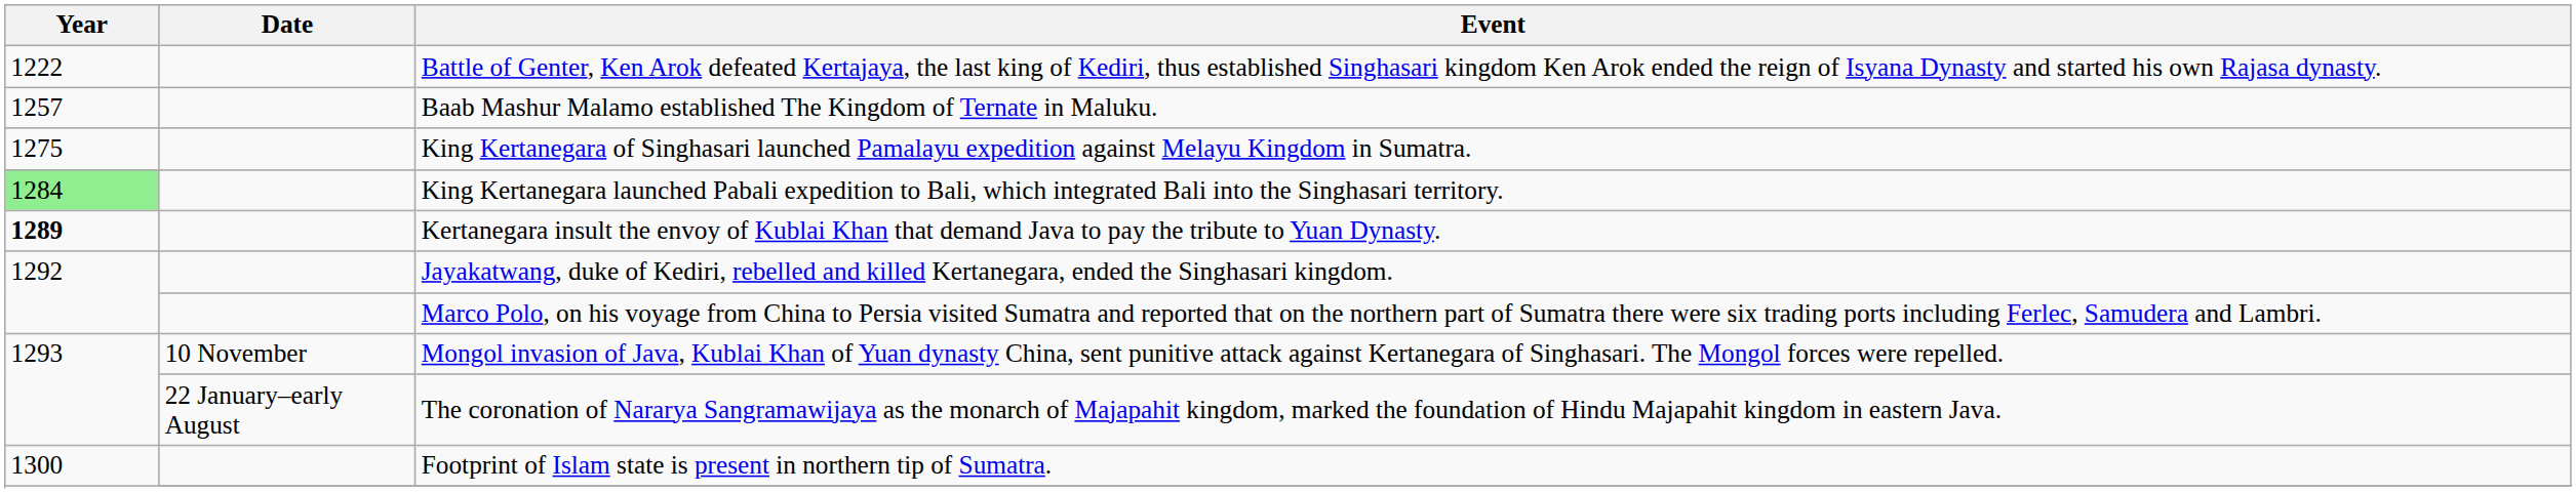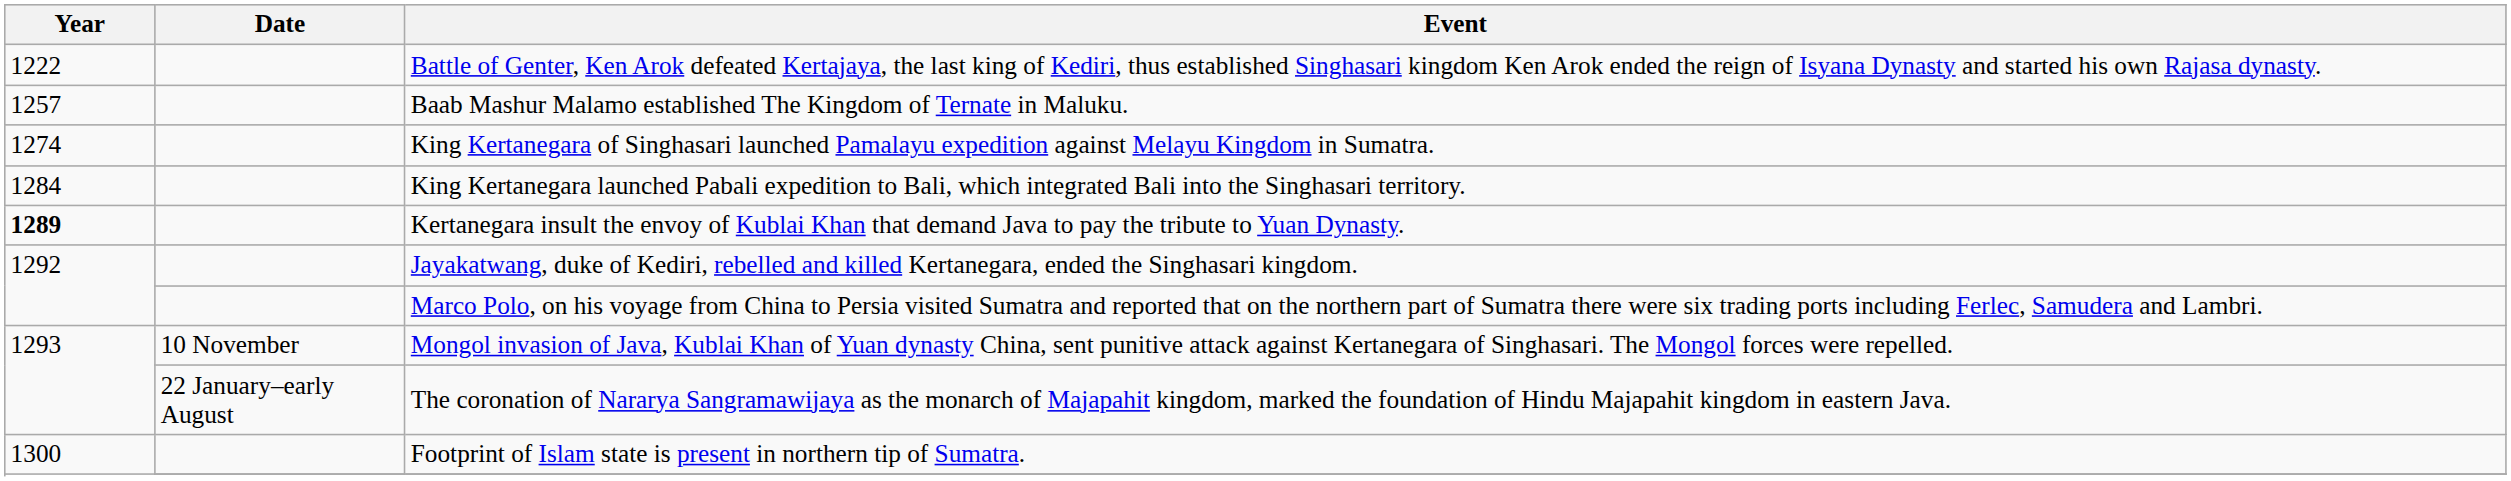 <table class="wikitable" width="100%">
 <tr>
 <th style="width:6%">Year</th>
 <th style="width:10%">Date</th>
 <th>Event</th>
 </tr>
 <tr>
 <td>1222</td>
 <td></td>
 <td><a href='#'>Battle of Genter</a>, <a href='#'>Ken Arok</a> defeated <a href='#'>Kertajaya</a>, the last king of <a href='#'>Kediri</a>, thus established <a href='#'>Singhasari</a> kingdom Ken Arok ended the reign of <a href='#'>Isyana Dynasty</a> and started his own <a href='#'>Rajasa dynasty</a>.</td>
 </tr>
 <tr>
 <td>1257</td>
 <td></td>
 <td>Baab Mashur Malamo established The Kingdom of <a href='#'>Ternate</a> in Maluku.</td>
 </tr>
 <tr>
-<td>1275</td>
+<td>1274</td>
 <td></td>
 <td>King <a href='#'>Kertanegara</a> of Singhasari launched <a href='#'>Pamalayu expedition</a> against <a href='#'>Melayu Kingdom</a> in Sumatra.</td>
 </tr>
 <tr>
-<td style="background: lightgreen;">1284</td>
+<td>1284</td>
 <td></td>
 <td>King Kertanegara launched Pabali expedition to Bali, which integrated Bali into the Singhasari territory.</td>
 </tr>
 <tr>
 <td><strong>1289</strong></td>
 <td></td>
 <td>Kertanegara insult the envoy of <a href='#'>Kublai Khan</a> that demand Java to pay the tribute to <a href='#'>Yuan Dynasty</a>.</td>
 </tr>
 <tr>
 <td rowspan="2" valign="top">1292</td>
 <td></td>
 <td><a href='#'>Jayakatwang</a>, duke of Kediri, <a href='#'>rebelled and killed</a> Kertanegara, ended the Singhasari kingdom.</td>
 </tr>
 <tr>
 <td></td>
 <td><a href='#'>Marco Polo</a>, on his voyage from China to Persia visited Sumatra and reported that on the northern part of Sumatra there were six trading ports including <a href='#'>Ferlec</a>, <a href='#'>Samudera</a> and Lambri.</td>
 </tr>
 <tr>
 <td rowspan="2" valign="top">1293</td>
 <td>10 November</td>
 <td><a href='#'>Mongol invasion of Java</a>, <a href='#'>Kublai Khan</a> of <a href='#'>Yuan dynasty</a> China, sent punitive attack against Kertanegara of Singhasari. The <a href='#'>Mongol</a> forces were repelled.</td>
 </tr>
 <tr>
 <td>22 January–early August</td>
 <td>The coronation of <a href='#'>Nararya Sangramawijaya</a> as the monarch of <a href='#'>Majapahit</a> kingdom, marked the foundation of Hindu Majapahit kingdom in eastern Java.</td>
 </tr>
 <tr>
 <td rowspan="2" valign="top">1300</td>
 <td></td>
 <td>Footprint of <a href='#'>Islam</a> state is <a href='#'>present</a> in northern tip of <a href='#'>Sumatra</a>.</td>
 </tr>
 <tr>
 </tr>
 </table>
